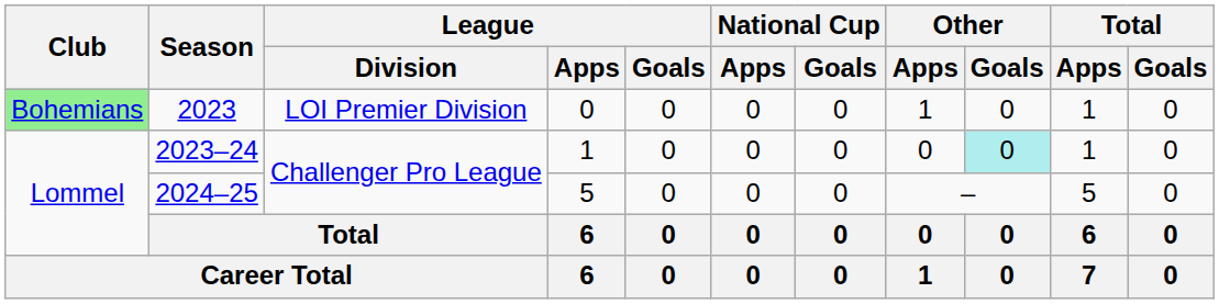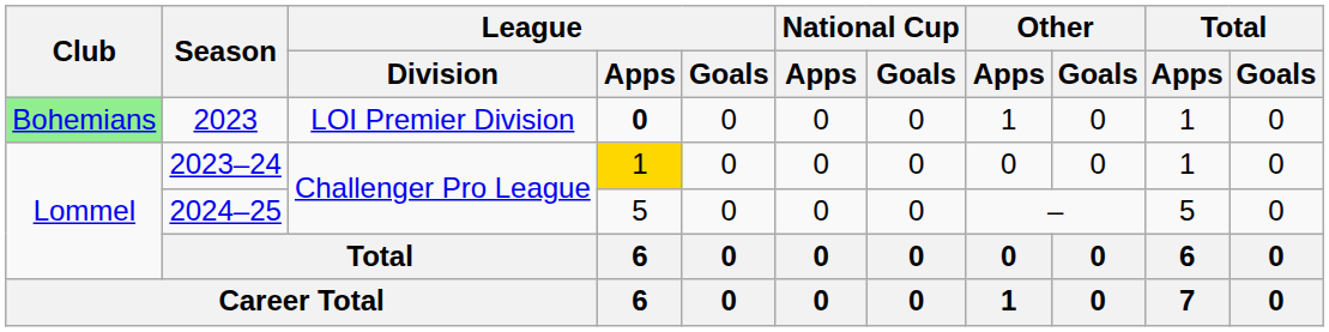 <table class=wikitable style="text-align: center">
 <tr>
 <th rowspan=2>Club</th>
 <th rowspan=2>Season</th>
 <th colspan=3>League</th>
 <th colspan=2>National Cup</th>
 <th colspan=2>Other</th>
 <th colspan=2>Total</th>
 </tr>
 <tr>
 <th>Division</th>
 <th>Apps</th>
 <th>Goals</th>
 <th>Apps</th>
 <th>Goals</th>
 <th>Apps</th>
 <th>Goals</th>
 <th>Apps</th>
 <th>Goals</th>
 </tr>
 <tr>
 <td style="background: lightgreen;"><a href='#'>Bohemians</a></td>
 <td><a href='#'>2023</a></td>
 <td><a href='#'>LOI Premier Division</a></td>
-<td>0</td>
+<td><strong>0</strong></td>
 <td>0</td>
 <td>0</td>
 <td>0</td>
 <td>1</td>
 <td>0</td>
 <td>1</td>
 <td>0</td>
 </tr>
 <tr>
 <td rowspan="3"><a href='#'>Lommel</a></td>
 <td><a href='#'>2023–24</a></td>
 <td rowspan="2"><a href='#'>Challenger Pro League</a></td>
-<td>1</td>
+<td style="background: gold;">1</td>
 <td>0</td>
 <td>0</td>
 <td>0</td>
 <td>0</td>
-<td style="background: paleturquoise;">0</td>
+<td>0</td>
 <td>1</td>
 <td>0</td>
 </tr>
 <tr>
 <td><a href='#'>2024–25</a></td>
 <td>5</td>
 <td>0</td>
 <td>0</td>
 <td>0</td>
 <td colspan="2">–</td>
 <td>5</td>
 <td>0</td>
 </tr>
 <tr>
 <th colspan="2">Total</th>
 <th>6</th>
 <th>0</th>
 <th>0</th>
 <th>0</th>
 <th>0</th>
 <th>0</th>
 <th>6</th>
 <th>0</th>
 </tr>
 <tr>
 <th colspan="3">Career Total</th>
 <th>6</th>
 <th>0</th>
 <th>0</th>
 <th>0</th>
 <th>1</th>
 <th>0</th>
 <th>7</th>
 <th>0</th>
 </tr>
 </table>
